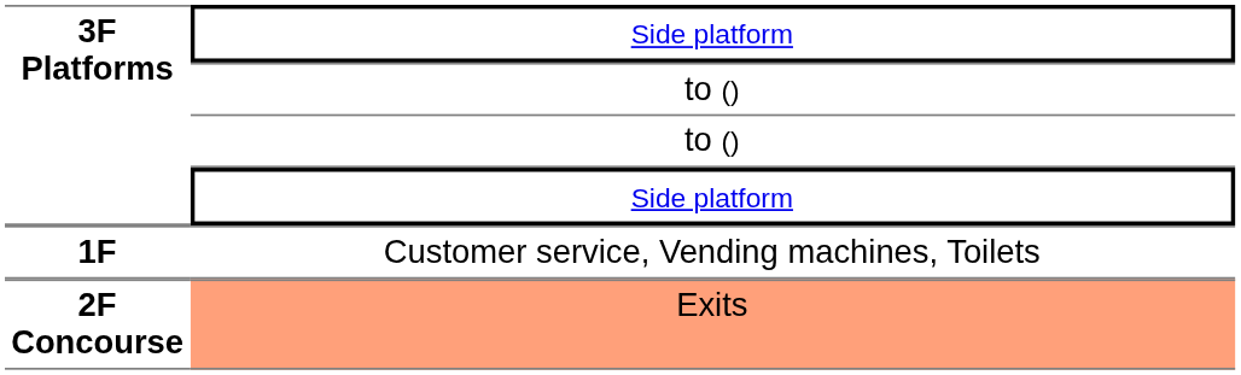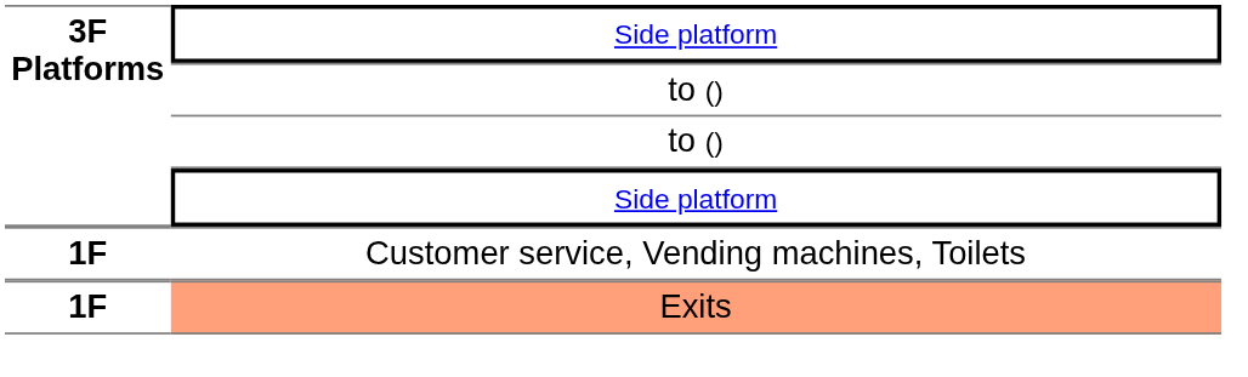 <table table border=0 cellspacing=0 cellpadding=3>
 <tr>
 <td style="border-bottom:solid 1px gray;border-top:solid 1px gray;text-align:center" rowspan="4" valign=top width=50><strong>3F<br>Platforms</strong></td>
 <td style="border-right:solid 2px black;border-left:solid 2px black;border-top:solid 2px black;border-bottom:solid 2px black;text-align:center;"><small><a href='#'>Side platform</a></small></td>
 </tr>
 <tr>
 <td style="border-bottom:solid 1px gray;border-top:solid 1px gray;text-align:center;">  to  <small>()</small></td>
 </tr>
 <tr>
 <td style="border-bottom:solid 1px gray;text-align:center;"> to  <small>() </small></td>
 </tr>
 <tr>
 <td style="border-right:solid 2px black;border-left:solid 2px black;border-top:solid 2px black;border-bottom:solid 2px black;text-align:center;"><small><a href='#'>Side platform</a></small></td>
 </tr>
 <tr>
 <td style="border-bottom:solid 1px gray; border-top:solid 1px gray;text-align:center" valign=top><strong>1F</strong></td>
 <td style="border-bottom:solid 1px gray; border-top:solid 1px gray;text-align:center" valign=top width=500>Customer service, Vending machines, Toilets</td>
 </tr>
 <tr>
-<td style="border-bottom:solid 1px gray; border-top:solid 1px gray;text-align:center" valign=top><strong>2F<br>Concourse</strong></td>
+<td style="border-bottom:solid 1px gray; border-top:solid 1px gray;text-align:center" valign=top><strong>1F</strong></td>
 <td style="background: lightsalmon; border-bottom:solid 1px gray; border-top:solid 1px gray;text-align:center" valign=top width=500>Exits</td>
 </tr>
 </table>
